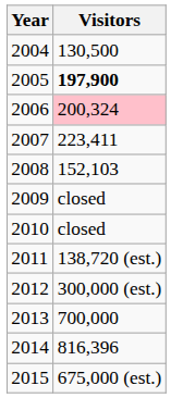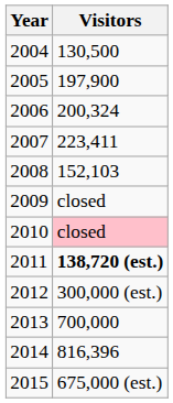 <table - class="wikitable" style="float:right; margin-left:0.5em">
 <tr>
 <th>Year</th>
 <th>Visitors</th>
 </tr>
 <tr>
 <td>2004</td>
 <td>130,500</td>
 </tr>
 <tr>
 <td>2005</td>
-<td><strong>197,900</strong></td>
+<td>197,900</td>
 </tr>
 <tr>
 <td>2006</td>
-<td style="background: pink;">200,324</td>
+<td>200,324</td>
 </tr>
 <tr>
 <td>2007</td>
 <td>223,411</td>
 </tr>
 <tr>
 <td>2008</td>
 <td>152,103</td>
 </tr>
 <tr>
 <td>2009</td>
 <td>closed</td>
 </tr>
 <tr>
 <td>2010</td>
-<td>closed</td>
+<td style="background: pink;">closed</td>
 </tr>
 <tr>
 <td>2011</td>
-<td>138,720 (est.)</td>
+<td><strong>138,720 (est.)</strong></td>
 </tr>
 <tr>
 <td>2012</td>
 <td>300,000 (est.)</td>
 </tr>
 <tr>
 <td>2013</td>
 <td>700,000</td>
 </tr>
 <tr>
 <td>2014</td>
 <td>816,396</td>
 </tr>
 <tr>
 <td>2015</td>
 <td>675,000 (est.)</td>
 </tr>
 </table>
